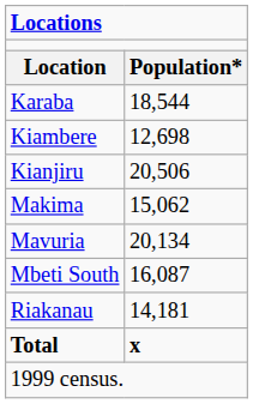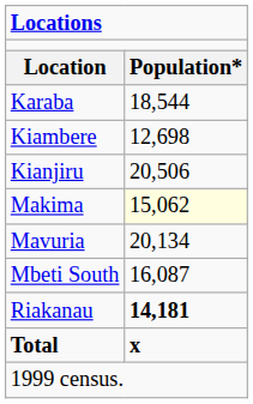 <table class="wikitable">
 <tr>
 <td colspan="2"><strong><a href='#'>Locations</a></strong></td>
 </tr>
 <tr>
 <td colspan="2"></td>
 </tr>
 <tr>
 <th>Location</th>
 <th>Population*</th>
 </tr>
 <tr>
 <td><a href='#'>Karaba</a></td>
 <td>18,544</td>
 </tr>
 <tr>
 <td><a href='#'>Kiambere</a></td>
 <td>12,698</td>
 </tr>
 <tr>
 <td><a href='#'>Kianjiru</a></td>
 <td>20,506</td>
 </tr>
 <tr>
 <td><a href='#'>Makima</a></td>
-<td>15,062</td>
+<td style="background: lightyellow;">15,062</td>
 </tr>
 <tr>
 <td><a href='#'>Mavuria</a></td>
 <td>20,134</td>
 </tr>
 <tr>
 <td><a href='#'>Mbeti South</a></td>
 <td>16,087</td>
 </tr>
 <tr>
 <td><a href='#'>Riakanau</a></td>
-<td>14,181</td>
+<td><strong>14,181</strong></td>
 </tr>
 <tr>
 <td><strong>Total</strong></td>
 <td><strong>x</strong></td>
 </tr>
 <tr>
 <td colspan="2">1999 census.</td>
 </tr>
 </table>
